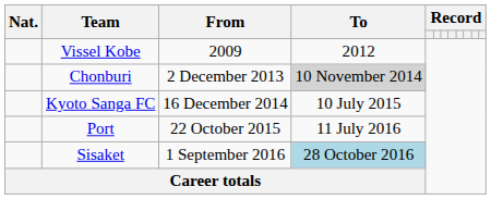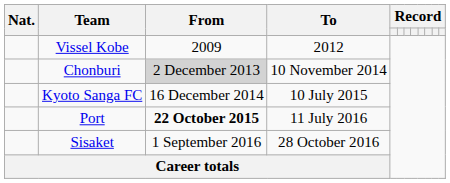 <table class="wikitable" style="text-align: center">
 <tr>
 <th rowspan=2>Nat.</th>
 <th rowspan=2>Team</th>
 <th rowspan=2>From</th>
 <th rowspan=2>To</th>
 <th colspan=8>Record</th>
 </tr>
 <tr>
 <th></th>
 <th></th>
 <th></th>
 <th></th>
 <th></th>
 <th></th>
 <th></th>
 <th></th>
 </tr>
 <tr>
 <td></td>
 <td><a href='#'>Vissel Kobe</a></td>
 <td>2009</td>
 <td>2012<br></td>
 </tr>
 <tr>
 <td></td>
 <td><a href='#'>Chonburi</a></td>
-<td>2 December 2013</td>
-<td style="background: lightgrey;">10 November 2014<br></td>
+<td style="background: lightgrey;">2 December 2013</td>
+<td>10 November 2014<br></td>
 </tr>
 <tr>
 <td></td>
 <td><a href='#'>Kyoto Sanga FC</a></td>
 <td>16 December 2014</td>
 <td>10 July 2015<br></td>
 </tr>
 <tr>
 <td></td>
 <td><a href='#'>Port</a></td>
-<td>22 October 2015</td>
+<td><strong>22 October 2015</strong></td>
 <td>11 July 2016<br></td>
 </tr>
 <tr>
 <td></td>
 <td><a href='#'>Sisaket</a></td>
 <td>1 September 2016</td>
-<td style="background: lightblue;">28 October 2016<br></td>
+<td>28 October 2016<br></td>
 </tr>
 <tr>
 <th colspan=4>Career totals<br></th>
 </tr>
 </table>
